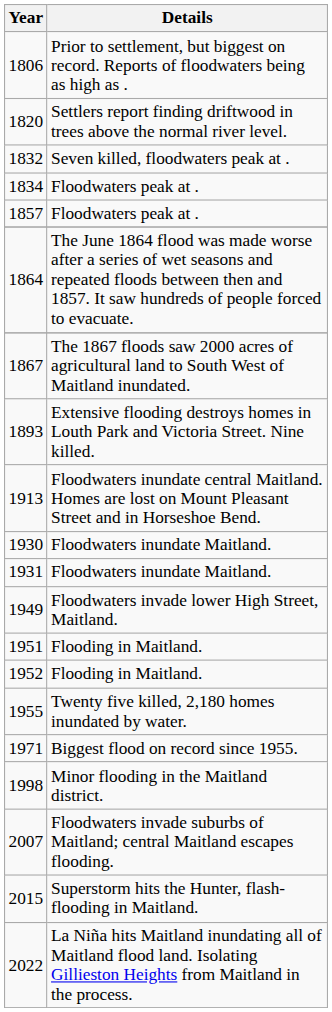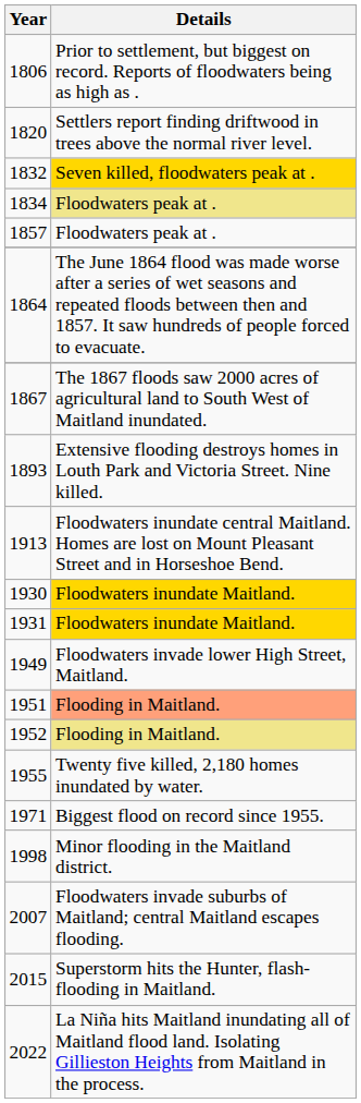 <table class="wikitable floatright plainrowheaders" style="text-align:left; width:300px;">
 <tr>
 <th scope="col">Year</th>
 <th scope="col">Details</th>
 </tr>
 <tr>
 <td scope="row">1806</td>
 <td>Prior to settlement, but biggest on record. Reports of floodwaters being as high as .</td>
 </tr>
 <tr>
 <td scope="row">1820</td>
 <td>Settlers report finding driftwood in trees  above the normal river level.</td>
 </tr>
 <tr>
 <td scope="row">1832</td>
-<td>Seven killed, floodwaters peak at .</td>
+<td style="background: gold;">Seven killed, floodwaters peak at .</td>
 </tr>
 <tr>
 <td scope="row">1834</td>
-<td>Floodwaters peak at .</td>
+<td style="background: khaki;">Floodwaters peak at .</td>
 </tr>
 <tr>
 <td scope="row">1857</td>
 <td>Floodwaters peak at .</td>
 </tr>
 <tr>
 </tr>
 <tr>
 <td scope="row">1864</td>
 <td>The June 1864 flood was made worse after a series of wet seasons and repeated floods between then and 1857. It saw hundreds of people forced to evacuate.</td>
 </tr>
 <tr>
 </tr>
 <tr>
 <td scope="row">1867</td>
 <td>The 1867 floods saw 2000 acres of agricultural land to South West of Maitland inundated.</td>
 </tr>
 <tr>
 <td scope="row">1893</td>
 <td>Extensive flooding destroys homes in Louth Park and Victoria Street. Nine killed.</td>
 </tr>
 <tr>
 <td scope="row">1913</td>
 <td>Floodwaters inundate central Maitland. Homes are lost on Mount Pleasant Street and in Horseshoe Bend.</td>
 </tr>
 <tr>
 <td scope="row">1930</td>
-<td>Floodwaters inundate Maitland.</td>
+<td style="background: gold;">Floodwaters inundate Maitland.</td>
 </tr>
 <tr>
 <td scope="row">1931</td>
-<td>Floodwaters inundate Maitland.</td>
+<td style="background: gold;">Floodwaters inundate Maitland.</td>
 </tr>
 <tr>
 <td scope="row">1949</td>
 <td>Floodwaters invade lower High Street, Maitland.</td>
 </tr>
 <tr>
 <td scope="row">1951</td>
-<td>Flooding in Maitland.</td>
+<td style="background: lightsalmon;">Flooding in Maitland.</td>
 </tr>
 <tr>
 <td scope="row">1952</td>
-<td>Flooding in Maitland.</td>
+<td style="background: khaki;">Flooding in Maitland.</td>
 </tr>
 <tr>
 <td scope="row">1955</td>
 <td>Twenty five killed, 2,180 homes inundated by water.</td>
 </tr>
 <tr>
 <td scope="row">1971</td>
 <td>Biggest flood on record since 1955.</td>
 </tr>
 <tr>
 <td scope="row">1998</td>
 <td>Minor flooding in the Maitland district.</td>
 </tr>
 <tr>
 <td scope="row">2007</td>
 <td>Floodwaters invade suburbs of Maitland; central Maitland escapes flooding.</td>
 </tr>
 <tr>
 <td scope="row">2015</td>
 <td>Superstorm hits the Hunter, flash-flooding in Maitland.</td>
 </tr>
 <tr>
 <td scope="row">2022</td>
 <td>La Niña hits Maitland inundating all of Maitland flood land. Isolating <a href='#'>Gillieston Heights</a> from Maitland in the process.</td>
 </tr>
 <tr>
 </tr>
 </table>
